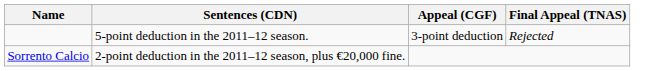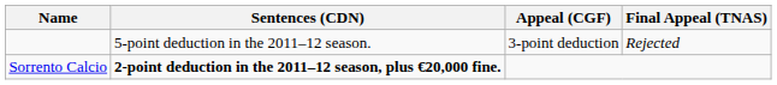 <table class="wikitable sortable">
 <tr>
 <th>Name</th>
 <th>Sentences (CDN)</th>
 <th>Appeal (CGF)</th>
 <th>Final Appeal (TNAS)</th>
 </tr>
 <tr>
 <td></td>
 <td>5-point deduction in the 2011–12 season.</td>
 <td>3-point deduction</td>
 <td><em>Rejected</em></td>
 </tr>
 <tr>
 <td><a href='#'>Sorrento Calcio</a></td>
-<td>2-point deduction in the 2011–12 season, plus €20,000 fine.</td>
+<td><strong>2-point deduction in the 2011–12 season, plus €20,000 fine.</strong></td>
 </tr>
 </table>
